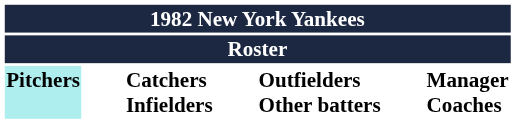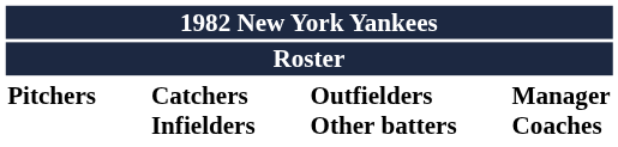 <table class="toccolours" style="font-size: 95%;">
 <tr>
 <th colspan="10" style="background:#1c2841; color:white; text-align:center;">1982 New York Yankees</th>
 </tr>
 <tr>
 <td colspan="10" style="background:#1c2841; color:white; text-align:center;"><strong>Roster</strong></td>
 </tr>
 <tr>
-<td valign="top" style="background: paleturquoise;"><strong>Pitchers</strong><br>                </td>
+<td valign="top"><strong>Pitchers</strong><br>                </td>
 <td style="width:25px;"></td>
 <td valign="top"><strong>Catchers</strong><br>     <strong>Infielders</strong>              </td>
 <td style="width:25px;"></td>
 <td valign="top"><strong>Outfielders</strong><br>      <strong>Other batters</strong>     </td>
 <td style="width:25px;"></td>
 <td valign="top"><strong>Manager</strong><br>   <strong>Coaches</strong>      </td>
 </tr>
 </table>
